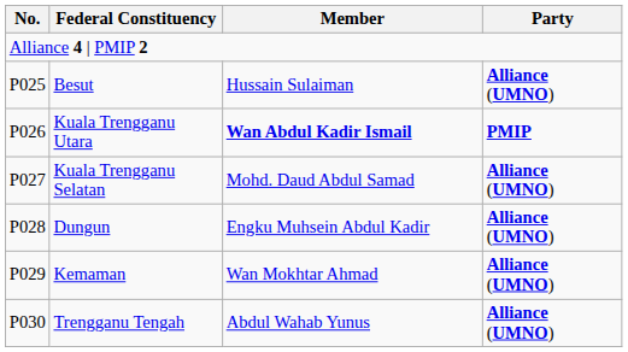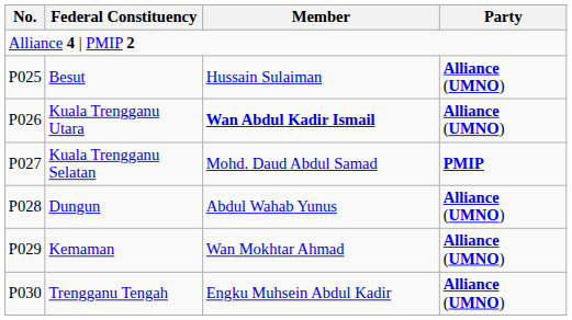 <table class="wikitable sortable">
 <tr>
 <th style="width:30px;">No.</th>
 <th style="width:150px;">Federal Constituency</th>
 <th style="width:230px;">Member</th>
 <th style="width:120px;">Party</th>
 </tr>
 <tr>
 <td colspan="4"><a href='#'>Alliance</a> <strong>4</strong> | <a href='#'>PMIP</a> <strong>2</strong></td>
 </tr>
 <tr>
 <td>P025</td>
 <td><a href='#'>Besut</a></td>
 <td><a href='#'>Hussain Sulaiman</a></td>
 <td><strong><a href='#'>Alliance</a></strong> (<strong><a href='#'>UMNO</a></strong>)</td>
 </tr>
 <tr>
 <td>P026</td>
 <td><a href='#'>Kuala Trengganu Utara</a></td>
 <td><strong><a href='#'>Wan Abdul Kadir Ismail</a></strong></td>
-<td><strong><a href='#'>PMIP</a></strong></td>
+<td><strong><a href='#'>Alliance</a></strong> (<strong><a href='#'>UMNO</a></strong>)</td>
 </tr>
 <tr>
 <td>P027</td>
 <td><a href='#'>Kuala Trengganu Selatan</a></td>
 <td><a href='#'>Mohd. Daud Abdul Samad</a></td>
-<td><strong><a href='#'>Alliance</a></strong> (<strong><a href='#'>UMNO</a></strong>)</td>
+<td><strong><a href='#'>PMIP</a></strong></td>
 </tr>
 <tr>
 <td>P028</td>
 <td><a href='#'>Dungun</a></td>
-<td><a href='#'>Engku Muhsein Abdul Kadir</a></td>
+<td><a href='#'>Abdul Wahab Yunus</a></td>
 <td><strong><a href='#'>Alliance</a></strong> (<strong><a href='#'>UMNO</a></strong>)</td>
 </tr>
 <tr>
 <td>P029</td>
 <td><a href='#'>Kemaman</a></td>
 <td><a href='#'>Wan Mokhtar Ahmad</a></td>
 <td><strong><a href='#'>Alliance</a></strong> (<strong><a href='#'>UMNO</a></strong>)</td>
 </tr>
 <tr>
 <td>P030</td>
 <td><a href='#'>Trengganu Tengah</a></td>
-<td><a href='#'>Abdul Wahab Yunus</a></td>
+<td><a href='#'>Engku Muhsein Abdul Kadir</a></td>
 <td><strong><a href='#'>Alliance</a></strong> (<strong><a href='#'>UMNO</a></strong>)</td>
 </tr>
 </table>
